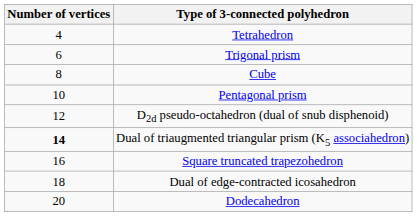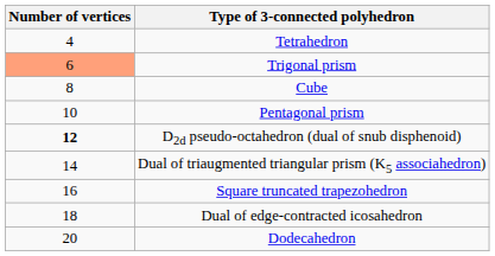 <table class = "wikitable" style="text-align:center">
 <tr>
 <th>Number of vertices</th>
 <th>Type of 3-connected polyhedron</th>
 </tr>
 <tr>
 <td>4</td>
 <td><a href='#'>Tetrahedron</a></td>
 </tr>
 <tr>
-<td>6</td>
+<td style="background: lightsalmon;">6</td>
 <td><a href='#'>Trigonal prism</a></td>
 </tr>
 <tr>
 <td>8</td>
 <td><a href='#'>Cube</a></td>
 </tr>
 <tr>
 <td>10</td>
 <td><a href='#'>Pentagonal prism</a></td>
 </tr>
 <tr>
-<td>12</td>
+<td><strong>12</strong></td>
 <td>D<sub>2d</sub> pseudo-octahedron (dual of snub disphenoid)</td>
 </tr>
 <tr>
-<td><strong>14</strong></td>
+<td>14</td>
 <td>Dual of triaugmented triangular prism (K<sub>5</sub> <a href='#'>associahedron</a>)</td>
 </tr>
 <tr>
 <td>16</td>
 <td><a href='#'>Square truncated trapezohedron</a></td>
 </tr>
 <tr>
 <td>18</td>
 <td>Dual of edge-contracted icosahedron</td>
 </tr>
 <tr>
 <td>20</td>
 <td><a href='#'>Dodecahedron</a></td>
 </tr>
 </table>
